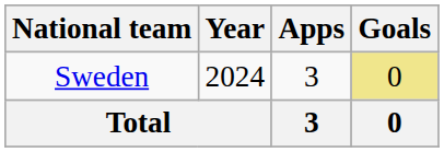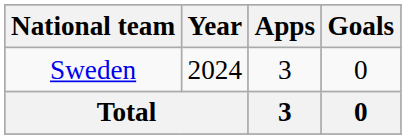 <table class="wikitable" style="text-align:center">
 <tr>
 <th>National team</th>
 <th>Year</th>
 <th>Apps</th>
 <th>Goals</th>
 </tr>
 <tr>
 <td><a href='#'>Sweden</a></td>
 <td>2024</td>
 <td>3</td>
-<td style="background: khaki;">0</td>
+<td>0</td>
 </tr>
 <tr>
 <th colspan="2">Total</th>
 <th>3</th>
 <th>0</th>
 </tr>
 </table>
